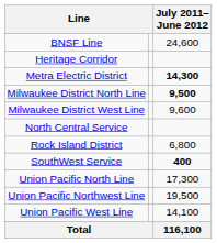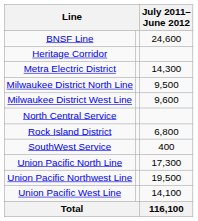 <table class="wikitable sortable" style="text-align:center">
 <tr>
 <th colspan=2>Line</th>
 <th>July 2011–<br>June 2012</th>
 </tr>
 <tr>
 <td><a href='#'>BNSF Line</a></td>
 <td style="background:#"></td>
 <td>24,600</td>
 </tr>
 <tr>
 <td><a href='#'>Heritage Corridor</a></td>
 <td style="background:#"></td>
 <td></td>
 </tr>
 <tr>
 <td><a href='#'>Metra Electric District</a></td>
 <td style="background:#"></td>
-<td><strong>14,300</strong></td>
+<td>14,300</td>
 </tr>
 <tr>
 <td><a href='#'>Milwaukee District North Line</a></td>
 <td style="background:#"></td>
-<td><strong>9,500</strong></td>
+<td>9,500</td>
 </tr>
 <tr>
 <td><a href='#'>Milwaukee District West Line</a></td>
 <td style="background:#"></td>
 <td>9,600</td>
 </tr>
 <tr>
 <td><a href='#'>North Central Service</a></td>
 <td style="background:#"></td>
 <td></td>
 </tr>
 <tr>
 <td><a href='#'>Rock Island District</a></td>
 <td style="background:#"></td>
 <td>6,800</td>
 </tr>
 <tr>
 <td><a href='#'>SouthWest Service</a></td>
 <td style="background:#"></td>
-<td><strong>400</strong></td>
+<td>400</td>
 </tr>
 <tr>
 <td><a href='#'>Union Pacific North Line</a></td>
 <td style="background:#"></td>
 <td>17,300</td>
 </tr>
 <tr>
 <td><a href='#'>Union Pacific Northwest Line</a></td>
 <td style="background:#"></td>
 <td>19,500</td>
 </tr>
 <tr>
 <td><a href='#'>Union Pacific West Line</a></td>
 <td style="background:#"></td>
 <td>14,100</td>
 </tr>
 <tr>
 <th colspan=2>Total</th>
 <th>116,100</th>
 </tr>
 </table>
